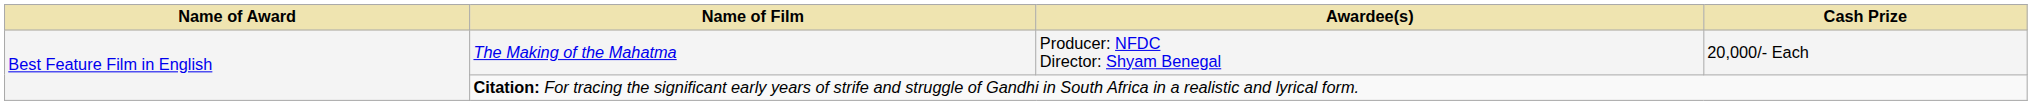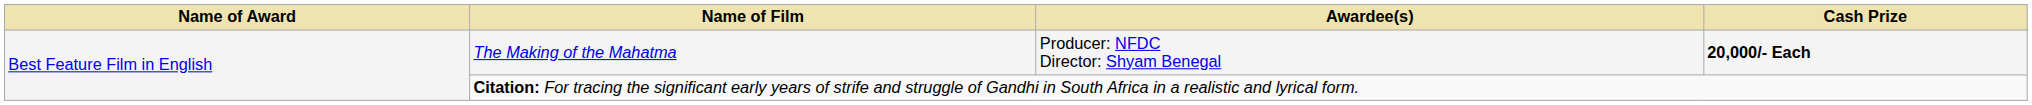 <table class="wikitable" style="width:100%">
 <tr>
 <th style="background-color:#EFE4B0;width:23%;">Name of Award</th>
 <th style="background-color:#EFE4B0;width:28%;">Name of Film</th>
 <th style="background-color:#EFE4B0;width:33%;">Awardee(s)</th>
 <th style="background-color:#EFE4B0;width:16%;">Cash Prize</th>
 </tr>
 <tr style="background-color:#F4F4F4">
 <td rowspan="2"><a href='#'>Best Feature Film in English</a></td>
 <td><em><a href='#'>The Making of the Mahatma</a></em></td>
 <td>Producer: <a href='#'>NFDC</a><br>Director: <a href='#'>Shyam Benegal</a></td>
-<td>20,000/- Each</td>
+<td><strong>20,000/- Each</strong></td>
 </tr>
 <tr style="background-color:#F9F9F9">
 <td colspan="3"><strong>Citation:</strong> <em>For tracing the significant early years of strife and struggle of Gandhi in South Africa in a realistic and lyrical form.</em></td>
 </tr>
 </table>
